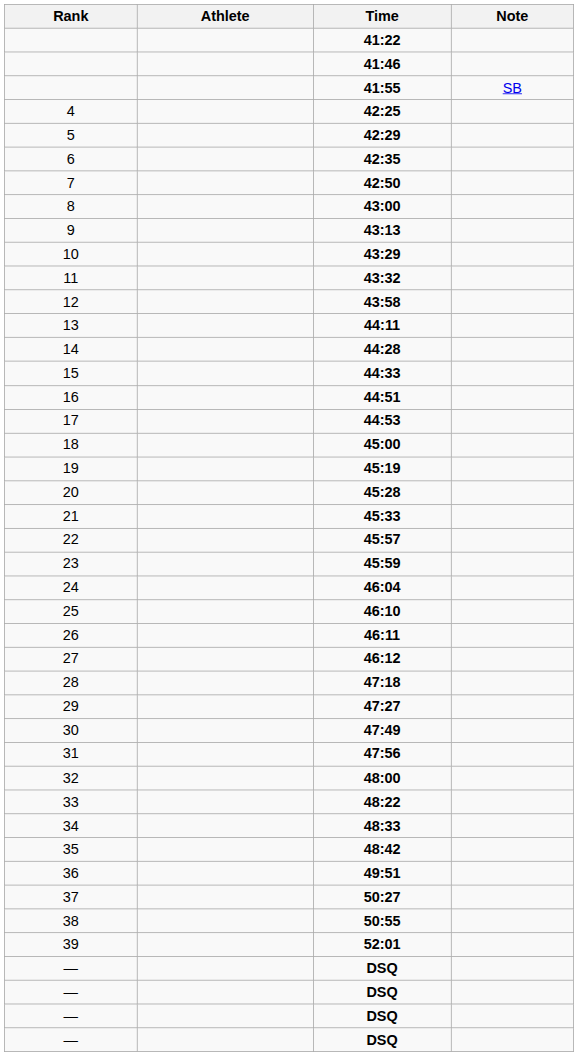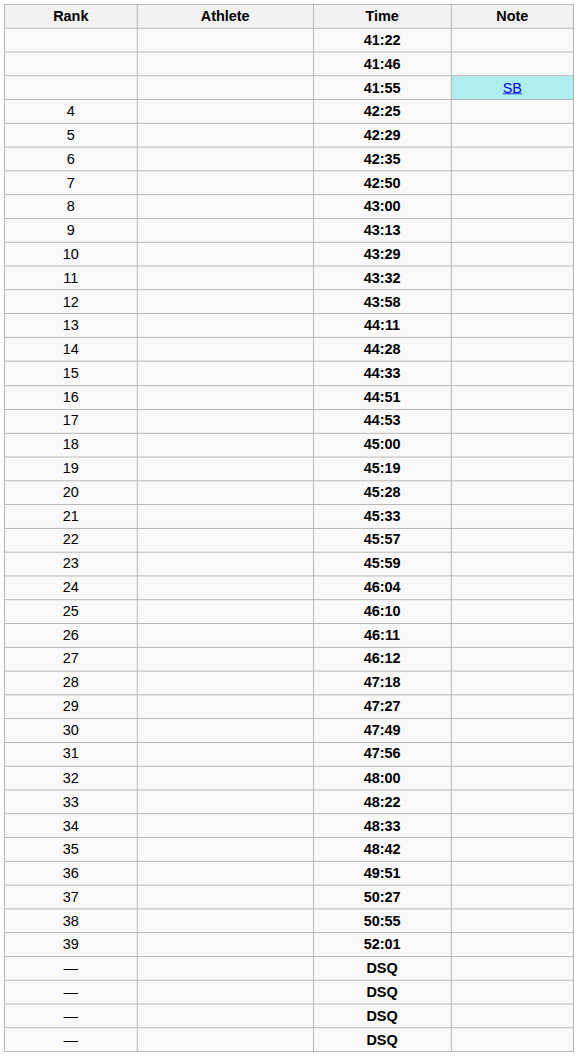 <table class="wikitable sortable" style=" text-align:center; font-size:110%;" width="55%">
 <tr>
 <th>Rank</th>
 <th>Athlete</th>
 <th>Time</th>
 <th>Note</th>
 </tr>
 <tr>
 <td></td>
 <td align=left></td>
 <td><strong>41:22</strong></td>
 <td></td>
 </tr>
 <tr>
 <td></td>
 <td align=left></td>
 <td><strong>41:46</strong></td>
 <td></td>
 </tr>
 <tr>
 <td></td>
 <td align=left></td>
 <td><strong>41:55</strong></td>
-<td><a href='#'>SB</a></td>
+<td style="background: paleturquoise;"><a href='#'>SB</a></td>
 </tr>
 <tr>
 <td>4</td>
 <td align=left></td>
 <td><strong>42:25</strong></td>
 <td></td>
 </tr>
 <tr>
 <td>5</td>
 <td align=left></td>
 <td><strong>42:29</strong></td>
 <td></td>
 </tr>
 <tr>
 <td>6</td>
 <td align=left></td>
 <td><strong>42:35</strong></td>
 <td></td>
 </tr>
 <tr>
 <td>7</td>
 <td align=left></td>
 <td><strong>42:50</strong></td>
 <td></td>
 </tr>
 <tr>
 <td>8</td>
 <td align=left></td>
 <td><strong>43:00</strong></td>
 <td></td>
 </tr>
 <tr>
 <td>9</td>
 <td align=left></td>
 <td><strong>43:13</strong></td>
 <td></td>
 </tr>
 <tr>
 <td>10</td>
 <td align=left></td>
 <td><strong>43:29</strong></td>
 <td></td>
 </tr>
 <tr>
 <td>11</td>
 <td align=left></td>
 <td><strong>43:32</strong></td>
 <td></td>
 </tr>
 <tr>
 <td>12</td>
 <td align=left></td>
 <td><strong>43:58</strong></td>
 <td></td>
 </tr>
 <tr>
 <td>13</td>
 <td align=left></td>
 <td><strong>44:11</strong></td>
 <td></td>
 </tr>
 <tr>
 <td>14</td>
 <td align=left></td>
 <td><strong>44:28</strong></td>
 <td></td>
 </tr>
 <tr>
 <td>15</td>
 <td align=left></td>
 <td><strong>44:33</strong></td>
 <td></td>
 </tr>
 <tr>
 <td>16</td>
 <td align=left></td>
 <td><strong>44:51</strong></td>
 <td></td>
 </tr>
 <tr>
 <td>17</td>
 <td align=left></td>
 <td><strong>44:53</strong></td>
 <td></td>
 </tr>
 <tr>
 <td>18</td>
 <td align=left></td>
 <td><strong>45:00</strong></td>
 <td></td>
 </tr>
 <tr>
 <td>19</td>
 <td align=left></td>
 <td><strong>45:19</strong></td>
 <td></td>
 </tr>
 <tr>
 <td>20</td>
 <td align=left></td>
 <td><strong>45:28</strong></td>
 <td></td>
 </tr>
 <tr>
 <td>21</td>
 <td align=left></td>
 <td><strong>45:33</strong></td>
 <td></td>
 </tr>
 <tr>
 <td>22</td>
 <td align=left></td>
 <td><strong>45:57</strong></td>
 <td></td>
 </tr>
 <tr>
 <td>23</td>
 <td align=left></td>
 <td><strong>45:59</strong></td>
 <td></td>
 </tr>
 <tr>
 <td>24</td>
 <td align=left></td>
 <td><strong>46:04</strong></td>
 <td></td>
 </tr>
 <tr>
 <td>25</td>
 <td align=left></td>
 <td><strong>46:10</strong></td>
 <td></td>
 </tr>
 <tr>
 <td>26</td>
 <td align=left></td>
 <td><strong>46:11</strong></td>
 <td></td>
 </tr>
 <tr>
 <td>27</td>
 <td align=left></td>
 <td><strong>46:12</strong></td>
 <td></td>
 </tr>
 <tr>
 <td>28</td>
 <td align=left></td>
 <td><strong>47:18</strong></td>
 <td></td>
 </tr>
 <tr>
 <td>29</td>
 <td align=left></td>
 <td><strong>47:27</strong></td>
 <td></td>
 </tr>
 <tr>
 <td>30</td>
 <td align=left></td>
 <td><strong>47:49</strong></td>
 <td></td>
 </tr>
 <tr>
 <td>31</td>
 <td align=left></td>
 <td><strong>47:56</strong></td>
 <td></td>
 </tr>
 <tr>
 <td>32</td>
 <td align=left></td>
 <td><strong>48:00</strong></td>
 <td></td>
 </tr>
 <tr>
 <td>33</td>
 <td align=left></td>
 <td><strong>48:22</strong></td>
 <td></td>
 </tr>
 <tr>
 <td>34</td>
 <td align=left></td>
 <td><strong>48:33</strong></td>
 <td></td>
 </tr>
 <tr>
 <td>35</td>
 <td align=left></td>
 <td><strong>48:42</strong></td>
 <td></td>
 </tr>
 <tr>
 <td>36</td>
 <td align=left></td>
 <td><strong>49:51</strong></td>
 <td></td>
 </tr>
 <tr>
 <td>37</td>
 <td align=left></td>
 <td><strong>50:27</strong></td>
 <td></td>
 </tr>
 <tr>
 <td>38</td>
 <td align=left></td>
 <td><strong>50:55</strong></td>
 <td></td>
 </tr>
 <tr>
 <td>39</td>
 <td align=left></td>
 <td><strong>52:01</strong></td>
 <td></td>
 </tr>
 <tr>
 <td>—</td>
 <td align=left></td>
 <td><strong>DSQ</strong></td>
 <td></td>
 </tr>
 <tr>
 <td>—</td>
 <td align=left></td>
 <td><strong>DSQ</strong></td>
 <td></td>
 </tr>
 <tr>
 <td>—</td>
 <td align=left></td>
 <td><strong>DSQ</strong></td>
 <td></td>
 </tr>
 <tr>
 <td>—</td>
 <td align=left></td>
 <td><strong>DSQ</strong></td>
 <td></td>
 </tr>
 </table>
